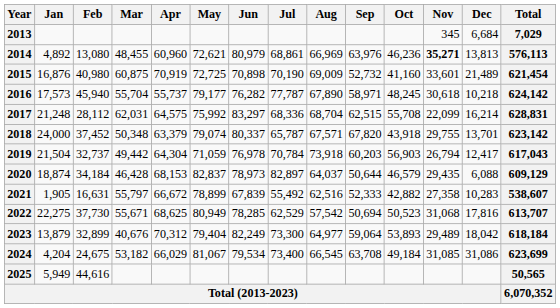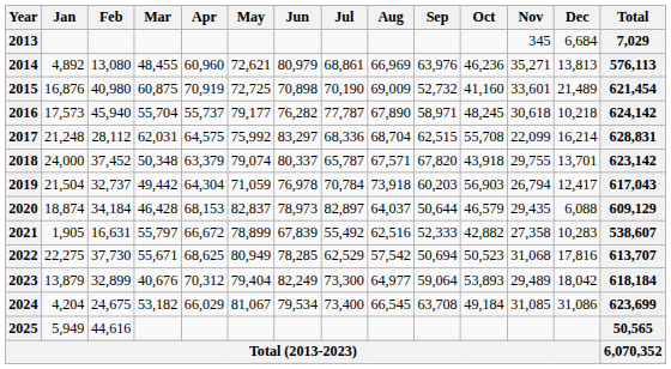 <table class=wikitable style="text-align:right; font-size:0.9em;">
 <tr>
 <th>Year</th>
 <th>Jan</th>
 <th>Feb</th>
 <th>Mar</th>
 <th>Apr</th>
 <th>May</th>
 <th>Jun</th>
 <th>Jul</th>
 <th>Aug</th>
 <th>Sep</th>
 <th>Oct</th>
 <th>Nov</th>
 <th>Dec</th>
 <th>Total</th>
 </tr>
 <tr>
 <th>2013</th>
 <td></td>
 <td></td>
 <td></td>
 <td></td>
 <td></td>
 <td></td>
 <td></td>
 <td></td>
 <td></td>
 <td></td>
 <td>345</td>
 <td>6,684</td>
 <th>7,029</th>
 </tr>
 <tr>
 <th>2014</th>
 <td>4,892</td>
 <td>13,080</td>
 <td>48,455</td>
 <td>60,960</td>
 <td>72,621</td>
 <td>80,979</td>
 <td>68,861</td>
 <td>66,969</td>
 <td>63,976</td>
 <td>46,236</td>
-<td><strong>35,271</strong></td>
+<td>35,271</td>
 <td>13,813</td>
 <th>576,113</th>
 </tr>
 <tr>
 <th>2015</th>
 <td>16,876</td>
 <td>40,980</td>
 <td>60,875</td>
 <td>70,919</td>
 <td>72,725</td>
 <td>70,898</td>
 <td>70,190</td>
 <td>69,009</td>
 <td>52,732</td>
 <td>41,160</td>
 <td>33,601</td>
 <td>21,489</td>
 <th>621,454</th>
 </tr>
 <tr>
 <th>2016</th>
 <td>17,573</td>
 <td>45,940</td>
 <td>55,704</td>
 <td>55,737</td>
 <td>79,177</td>
 <td>76,282</td>
 <td>77,787</td>
 <td>67,890</td>
 <td>58,971</td>
 <td>48,245</td>
 <td>30,618</td>
 <td>10,218</td>
 <th>624,142</th>
 </tr>
 <tr>
 <th>2017</th>
 <td>21,248</td>
 <td>28,112</td>
 <td>62,031</td>
 <td>64,575</td>
 <td>75,992</td>
 <td>83,297</td>
 <td>68,336</td>
 <td>68,704</td>
 <td>62,515</td>
 <td>55,708</td>
 <td>22,099</td>
 <td>16,214</td>
 <th>628,831</th>
 </tr>
 <tr>
 <th>2018</th>
 <td>24,000</td>
 <td>37,452</td>
 <td>50,348</td>
 <td>63,379</td>
 <td>79,074</td>
 <td>80,337</td>
 <td>65,787</td>
 <td>67,571</td>
 <td>67,820</td>
 <td>43,918</td>
 <td>29,755</td>
 <td>13,701</td>
 <th>623,142</th>
 </tr>
 <tr>
 <th>2019</th>
 <td>21,504</td>
 <td>32,737</td>
 <td>49,442</td>
 <td>64,304</td>
 <td>71,059</td>
 <td>76,978</td>
 <td>70,784</td>
 <td>73,918</td>
 <td>60,203</td>
 <td>56,903</td>
 <td>26,794</td>
 <td>12,417</td>
 <th>617,043</th>
 </tr>
 <tr>
 <th>2020</th>
 <td>18,874</td>
 <td>34,184</td>
 <td>46,428</td>
 <td>68,153</td>
 <td>82,837</td>
 <td>78,973</td>
 <td>82,897</td>
 <td>64,037</td>
 <td>50,644</td>
 <td>46,579</td>
 <td>29,435</td>
 <td>6,088</td>
 <th>609,129</th>
 </tr>
 <tr>
 <th>2021</th>
 <td>1,905</td>
 <td>16,631</td>
 <td>55,797</td>
 <td>66,672</td>
 <td>78,899</td>
 <td>67,839</td>
 <td>55,492</td>
 <td>62,516</td>
 <td>52,333</td>
 <td>42,882</td>
 <td>27,358</td>
 <td>10,283</td>
 <th>538,607</th>
 </tr>
 <tr>
 <th>2022</th>
 <td>22,275</td>
 <td>37,730</td>
 <td>55,671</td>
 <td>68,625</td>
 <td>80,949</td>
 <td>78,285</td>
 <td>62,529</td>
 <td>57,542</td>
 <td>50,694</td>
 <td>50,523</td>
 <td>31,068</td>
 <td>17,816</td>
 <th>613,707</th>
 </tr>
 <tr>
 <th>2023</th>
 <td>13,879</td>
 <td>32,899</td>
 <td>40,676</td>
 <td>70,312</td>
 <td>79,404</td>
 <td>82,249</td>
 <td>73,300</td>
 <td>64,977</td>
 <td>59,064</td>
 <td>53,893</td>
 <td>29,489</td>
 <td>18,042</td>
 <th>618,184</th>
 </tr>
 <tr>
 <th>2024</th>
 <td>4,204</td>
 <td>24,675</td>
 <td>53,182</td>
 <td>66,029</td>
 <td>81,067</td>
 <td>79,534</td>
 <td>73,400</td>
 <td>66,545</td>
 <td>63,708</td>
 <td>49,184</td>
 <td>31,085</td>
 <td>31,086</td>
 <th>623,699</th>
 </tr>
 <tr>
 <th>2025</th>
 <td>5,949</td>
 <td>44,616</td>
 <td></td>
 <td></td>
 <td></td>
 <td></td>
 <td></td>
 <td></td>
 <td></td>
 <td></td>
 <td></td>
 <td></td>
 <th>50,565</th>
 </tr>
 <tr>
 <th colspan=13>Total (2013-2023)</th>
 <th>6,070,352</th>
 </tr>
 </table>
